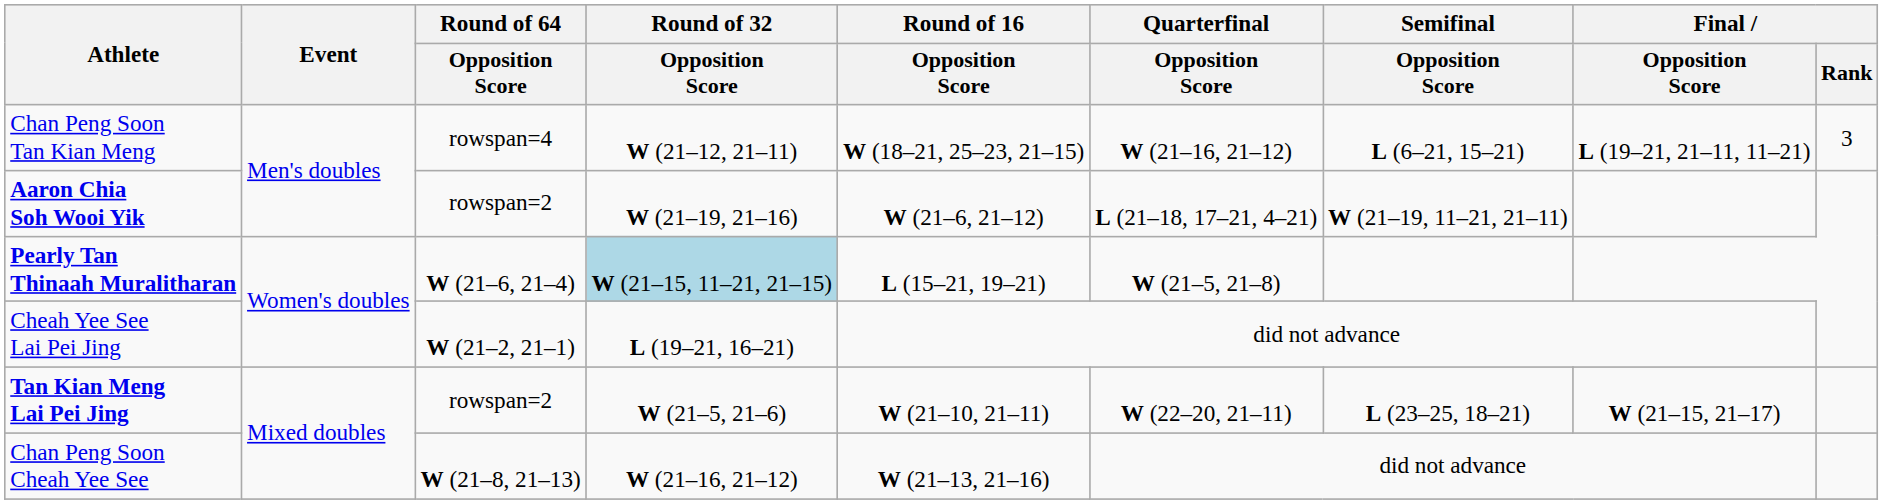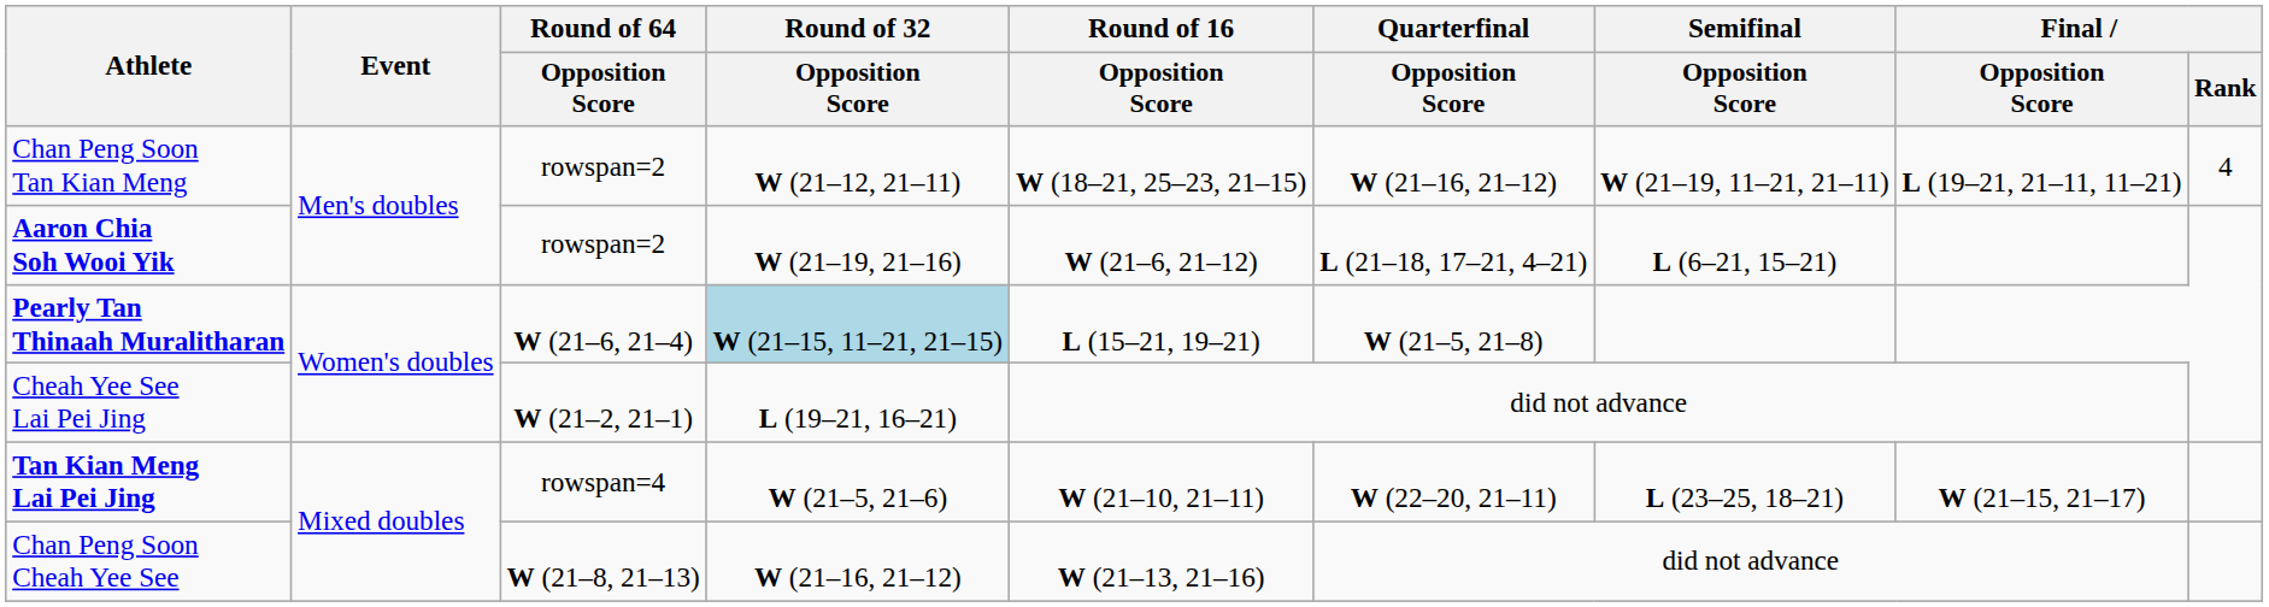 <table class=wikitable style="font-size:90%">
 <tr>
 <th rowspan=2>Athlete</th>
 <th rowspan=2>Event</th>
 <th>Round of 64</th>
 <th>Round of 32</th>
 <th>Round of 16</th>
 <th>Quarterfinal</th>
 <th>Semifinal</th>
 <th colspan=2>Final / </th>
 </tr>
 <tr style="font-size:95%">
 <th>Opposition<br>Score</th>
 <th>Opposition<br>Score</th>
 <th>Opposition<br>Score</th>
 <th>Opposition<br>Score</th>
 <th>Opposition<br>Score</th>
 <th>Opposition<br>Score</th>
 <th>Rank</th>
 </tr>
 <tr style="text-align:center">
 <td style="text-align:left"><a href='#'>Chan Peng Soon</a><br><a href='#'>Tan Kian Meng</a></td>
 <td style="text-align:left" rowspan=2><a href='#'>Men's doubles</a></td>
-<td>rowspan=4 </td>
+<td>rowspan=2 </td>
 <td><br><strong>W</strong> (21–12, 21–11)</td>
 <td><br><strong>W</strong> (18–21, 25–23, 21–15)</td>
 <td><br><strong>W</strong> (21–16, 21–12)</td>
-<td><br> <strong>L</strong> (6–21, 15–21)</td>
+<td><br> <strong>W</strong> (21–19, 11–21, 21–11)</td>
 <td><br> <strong>L</strong> (19–21, 21–11, 11–21)</td>
-<td>3</td>
+<td>4</td>
 </tr>
 <tr style="text-align:center">
 <td style="text-align:left"><strong><a href='#'>Aaron Chia</a><br><a href='#'>Soh Wooi Yik</a></strong></td>
 <td>rowspan=2 </td>
 <td><br><strong>W</strong> (21–19, 21–16)</td>
 <td><br><strong>W</strong> (21–6, 21–12)</td>
 <td><br> <strong>L</strong> (21–18, 17–21, 4–21)</td>
-<td><br> <strong>W</strong> (21–19, 11–21, 21–11)</td>
+<td><br> <strong>L</strong> (6–21, 15–21)</td>
 <td></td>
 </tr>
 <tr style="text-align:center">
 <td style="text-align:left"><strong><a href='#'>Pearly Tan</a><br><a href='#'>Thinaah Muralitharan</a></strong></td>
 <td style="text-align:left" rowspan=2><a href='#'>Women's doubles</a></td>
 <td><br><strong>W</strong> (21–6, 21–4)</td>
 <td style="background: lightblue;"><br><strong>W</strong> (21–15, 11–21, 21–15)</td>
 <td><br> <strong>L</strong> (15–21, 19–21)</td>
 <td><br><strong>W</strong> (21–5, 21–8)</td>
 <td></td>
 </tr>
 <tr style="text-align:center">
 <td style="text-align:left"><a href='#'>Cheah Yee See</a><br><a href='#'>Lai Pei Jing</a></td>
 <td><br><strong>W</strong> (21–2, 21–1)</td>
 <td><br><strong>L</strong> (19–21, 16–21)</td>
 <td colspan="4">did not advance</td>
 </tr>
 <tr style="text-align:center">
 <td style="text-align:left"><strong><a href='#'>Tan Kian Meng</a><br><a href='#'>Lai Pei Jing</a></strong></td>
 <td style="text-align:left" rowspan=2><a href='#'>Mixed doubles</a></td>
-<td>rowspan=2 </td>
+<td>rowspan=4 </td>
 <td><br><strong>W</strong> (21–5, 21–6)</td>
 <td><br><strong>W</strong> (21–10, 21–11)</td>
 <td><br><strong>W</strong> (22–20, 21–11)</td>
 <td> <br><strong>L</strong> (23–25, 18–21)</td>
 <td> <br><strong>W</strong> (21–15, 21–17)</td>
 <td></td>
 </tr>
 <tr style="text-align:center">
 <td style="text-align:left"><a href='#'>Chan Peng Soon</a><br><a href='#'>Cheah Yee See</a></td>
 <td><br><strong>W</strong> (21–8, 21–13)</td>
 <td><br><strong>W</strong> (21–16, 21–12)</td>
 <td><br><strong>W</strong> (21–13, 21–16)</td>
 <td colspan="3">did not advance</td>
 </tr>
 </table>
